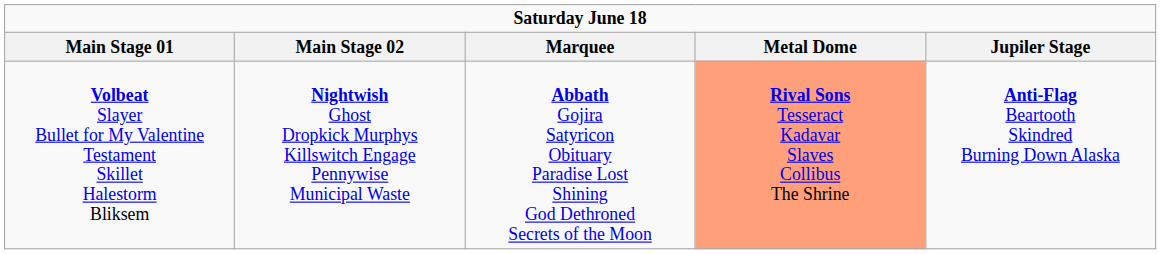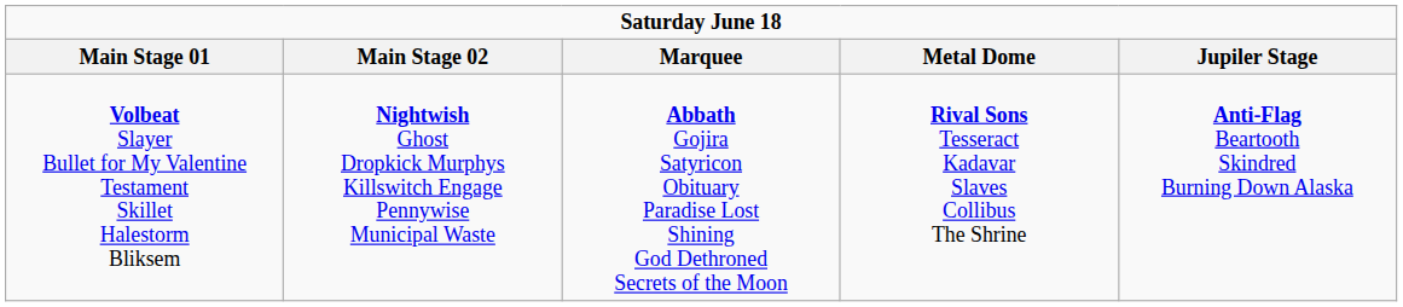 <table class="wikitable">
 <tr>
 <td colspan="5" style="text-align:center;"><strong>Saturday June 18</strong></td>
 </tr>
 <tr>
 <th>Main Stage 01</th>
 <th>Main Stage 02</th>
 <th>Marquee</th>
 <th>Metal Dome</th>
 <th>Jupiler Stage</th>
 </tr>
 <tr>
 <td style="text-align:center; vertical-align:top; width:200px;"><br><strong><a href='#'>Volbeat</a></strong> <br> <a href='#'>Slayer</a> <br> <a href='#'>Bullet for My Valentine</a> <br> <a href='#'>Testament</a> <br> <a href='#'>Skillet</a> <br> <a href='#'>Halestorm</a> <br> Bliksem</td>
 <td style="text-align:center; vertical-align:top; width:200px;"><br><strong><a href='#'>Nightwish</a></strong> <br> <a href='#'>Ghost</a> <br> <a href='#'>Dropkick Murphys</a> <br> <a href='#'>Killswitch Engage</a> <br> <a href='#'>Pennywise</a> <br> <a href='#'>Municipal Waste</a></td>
 <td style="text-align:center; vertical-align:top; width:200px;"><br><strong><a href='#'>Abbath</a></strong> <br> <a href='#'>Gojira</a> <br> <a href='#'>Satyricon</a> <br> <a href='#'>Obituary</a> <br> <a href='#'>Paradise Lost</a> <br> <a href='#'>Shining</a> <br> <a href='#'>God Dethroned</a> <br> <a href='#'>Secrets of the Moon</a></td>
-<td style="background: lightsalmon; text-align:center; vertical-align:top; width:200px;"><br><strong><a href='#'>Rival Sons</a></strong><br> <a href='#'>Tesseract</a> <br> <a href='#'>Kadavar</a> <br> <a href='#'>Slaves</a> <br> <a href='#'>Collibus</a> <br> The Shrine</td>
+<td style="text-align:center; vertical-align:top; width:200px;"><br><strong><a href='#'>Rival Sons</a></strong><br> <a href='#'>Tesseract</a> <br> <a href='#'>Kadavar</a> <br> <a href='#'>Slaves</a> <br> <a href='#'>Collibus</a> <br> The Shrine</td>
 <td style="text-align:center; vertical-align:top; width:200px;"><br><strong><a href='#'>Anti-Flag</a></strong><br> <a href='#'>Beartooth</a> <br> <a href='#'>Skindred</a> <br> <a href='#'>Burning Down Alaska</a></td>
 </tr>
 </table>
